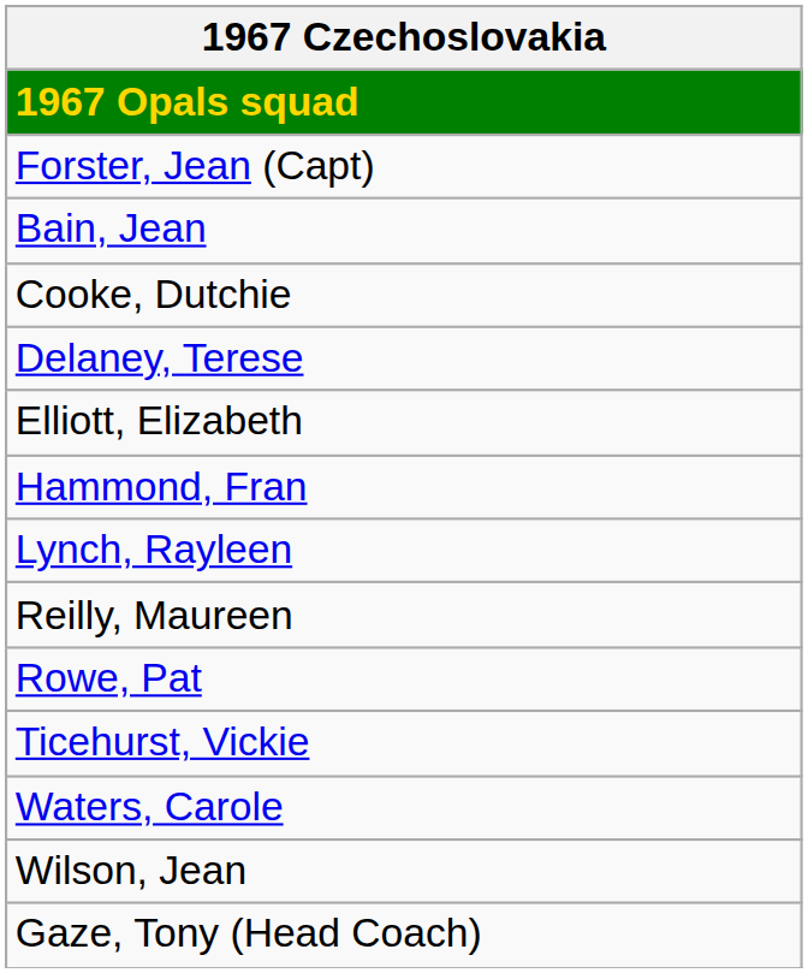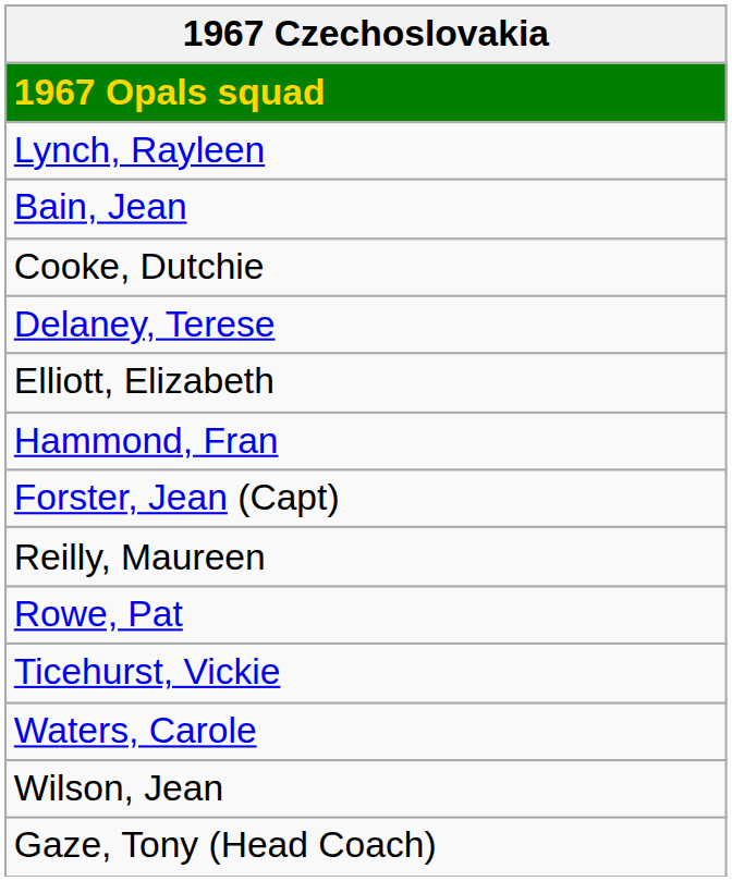 <table class="wikitable collapsible autocollapse" width=25%>
 <tr>
 <th>1967 Czechoslovakia</th>
 </tr>
 <tr>
 <td bgcolor=green style="color:gold; width:200px"><strong>1967 Opals squad</strong></td>
 </tr>
 <tr>
-<td><a href='#'>Forster, Jean</a> (Capt)</td>
+<td><a href='#'>Lynch, Rayleen</a></td>
 </tr>
 <tr>
 <td><a href='#'>Bain, Jean</a></td>
 </tr>
 <tr>
 <td>Cooke, Dutchie</td>
 </tr>
 <tr>
 <td><a href='#'>Delaney, Terese</a></td>
 </tr>
 <tr>
 <td>Elliott, Elizabeth</td>
 </tr>
 <tr>
 <td><a href='#'>Hammond, Fran</a></td>
 </tr>
 <tr>
-<td><a href='#'>Lynch, Rayleen</a></td>
+<td><a href='#'>Forster, Jean</a> (Capt)</td>
 </tr>
 <tr>
 <td>Reilly, Maureen</td>
 </tr>
 <tr>
 <td><a href='#'>Rowe, Pat</a></td>
 </tr>
 <tr>
 <td><a href='#'>Ticehurst, Vickie</a></td>
 </tr>
 <tr>
 <td><a href='#'>Waters, Carole</a></td>
 </tr>
 <tr>
 <td>Wilson, Jean</td>
 </tr>
 <tr>
 <td>Gaze, Tony (Head Coach)</td>
 </tr>
 </table>
